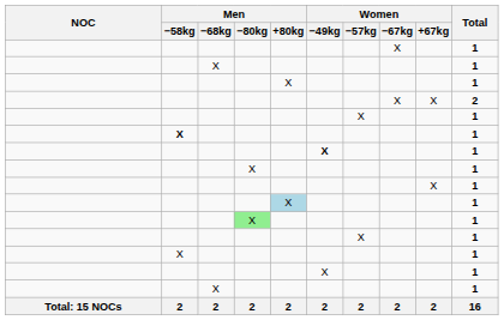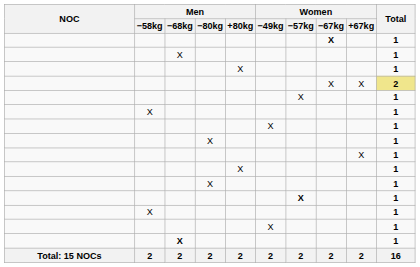 <table class="wikitable" style="text-align:center; font-size:90%">
 <tr>
 <th rowspan="2" width=200 align="left">NOC</th>
 <th colspan=4>Men</th>
 <th colspan=4>Women</th>
 <th width=55 rowspan="2">Total</th>
 </tr>
 <tr>
 <th width=40>−58kg</th>
 <th width=40>−68kg</th>
 <th width=40>−80kg</th>
 <th width=40>+80kg</th>
 <th width=40>−49kg</th>
 <th width=40>−57kg</th>
 <th width=40>−67kg</th>
 <th width=40>+67kg</th>
 </tr>
 <tr>
 <td align=left></td>
 <td></td>
 <td></td>
 <td></td>
 <td></td>
 <td></td>
 <td></td>
-<td>X</td>
+<td><strong>X</strong></td>
 <td></td>
 <td><strong>1</strong></td>
 </tr>
 <tr>
 <td align=left></td>
 <td></td>
 <td>X</td>
 <td></td>
 <td></td>
 <td></td>
 <td></td>
 <td></td>
 <td></td>
 <td><strong>1</strong></td>
 </tr>
 <tr>
 <td align=left></td>
 <td></td>
 <td></td>
 <td></td>
 <td>X</td>
 <td></td>
 <td></td>
 <td></td>
 <td></td>
 <td><strong>1</strong></td>
 </tr>
 <tr>
 <td align=left></td>
 <td></td>
 <td></td>
 <td></td>
 <td></td>
 <td></td>
 <td></td>
 <td>X</td>
 <td>X</td>
-<td><strong>2</strong></td>
-</tr>
-<tr>
-<td align=left></td>
-<td></td>
-<td></td>
-<td></td>
-<td></td>
-<td></td>
-<td>X</td>
-<td></td>
-<td></td>
-<td><strong>1</strong></td>
-</tr>
-<tr>
-<td align=left></td>
-<td><strong>X</strong></td>
-<td></td>
-<td></td>
-<td></td>
-<td></td>
-<td></td>
-<td></td>
-<td></td>
-<td><strong>1</strong></td>
-</tr>
-<tr>
-<td align=left></td>
-<td></td>
-<td></td>
-<td></td>
-<td></td>
-<td><strong>X</strong></td>
-<td></td>
-<td></td>
-<td></td>
-<td><strong>1</strong></td>
-</tr>
-<tr>
-<td align=left></td>
-<td></td>
-<td></td>
-<td>X</td>
-<td></td>
-<td></td>
-<td></td>
-<td></td>
-<td></td>
-<td><strong>1</strong></td>
-</tr>
-<tr>
-<td align=left></td>
-<td></td>
-<td></td>
-<td></td>
-<td></td>
-<td></td>
-<td></td>
-<td></td>
-<td>X</td>
-<td><strong>1</strong></td>
-</tr>
-<tr>
-<td align=left></td>
-<td></td>
-<td></td>
-<td></td>
-<td style="background: lightblue;">X</td>
-<td></td>
-<td></td>
-<td></td>
-<td></td>
-<td><strong>1</strong></td>
-</tr>
-<tr>
-<td align=left></td>
-<td></td>
-<td></td>
-<td style="background: lightgreen;">X</td>
-<td></td>
-<td></td>
-<td></td>
-<td></td>
-<td></td>
-<td><strong>1</strong></td>
+<td style="background: khaki;"><strong>2</strong></td>
 </tr>
 <tr>
 <td align=left></td>
 <td></td>
 <td></td>
 <td></td>
 <td></td>
 <td></td>
 <td>X</td>
 <td></td>
 <td></td>
 <td><strong>1</strong></td>
 </tr>
 <tr>
 <td align=left></td>
 <td>X</td>
 <td></td>
 <td></td>
 <td></td>
 <td></td>
 <td></td>
 <td></td>
 <td></td>
 <td><strong>1</strong></td>
 </tr>
 <tr>
 <td align=left></td>
 <td></td>
 <td></td>
 <td></td>
 <td></td>
 <td>X</td>
 <td></td>
 <td></td>
 <td></td>
 <td><strong>1</strong></td>
 </tr>
 <tr>
 <td align=left></td>
 <td></td>
+<td></td>
 <td>X</td>
+<td></td>
+<td></td>
+<td></td>
+<td></td>
+<td></td>
+<td><strong>1</strong></td>
+</tr>
+<tr>
+<td align=left></td>
+<td></td>
+<td></td>
+<td></td>
+<td></td>
+<td></td>
+<td></td>
+<td></td>
+<td>X</td>
+<td><strong>1</strong></td>
+</tr>
+<tr>
+<td align=left></td>
+<td></td>
+<td></td>
+<td></td>
+<td>X</td>
+<td></td>
+<td></td>
+<td></td>
+<td></td>
+<td><strong>1</strong></td>
+</tr>
+<tr>
+<td align=left></td>
+<td></td>
+<td></td>
+<td>X</td>
+<td></td>
+<td></td>
+<td></td>
+<td></td>
+<td></td>
+<td><strong>1</strong></td>
+</tr>
+<tr>
+<td align=left></td>
+<td></td>
+<td></td>
+<td></td>
+<td></td>
+<td></td>
+<td><strong>X</strong></td>
+<td></td>
+<td></td>
+<td><strong>1</strong></td>
+</tr>
+<tr>
+<td align=left></td>
+<td>X</td>
+<td></td>
+<td></td>
+<td></td>
+<td></td>
+<td></td>
+<td></td>
+<td></td>
+<td><strong>1</strong></td>
+</tr>
+<tr>
+<td align=left></td>
+<td></td>
+<td></td>
+<td></td>
+<td></td>
+<td>X</td>
+<td></td>
+<td></td>
+<td></td>
+<td><strong>1</strong></td>
+</tr>
+<tr>
+<td align=left></td>
+<td></td>
+<td><strong>X</strong></td>
 <td></td>
 <td></td>
 <td></td>
 <td></td>
 <td></td>
 <td></td>
 <td><strong>1</strong></td>
 </tr>
 <tr>
 <th>Total: 15 NOCs</th>
 <th>2</th>
 <th>2</th>
 <th>2</th>
 <th>2</th>
 <th>2</th>
 <th>2</th>
 <th>2</th>
 <th>2</th>
 <th>16</th>
 </tr>
 </table>
